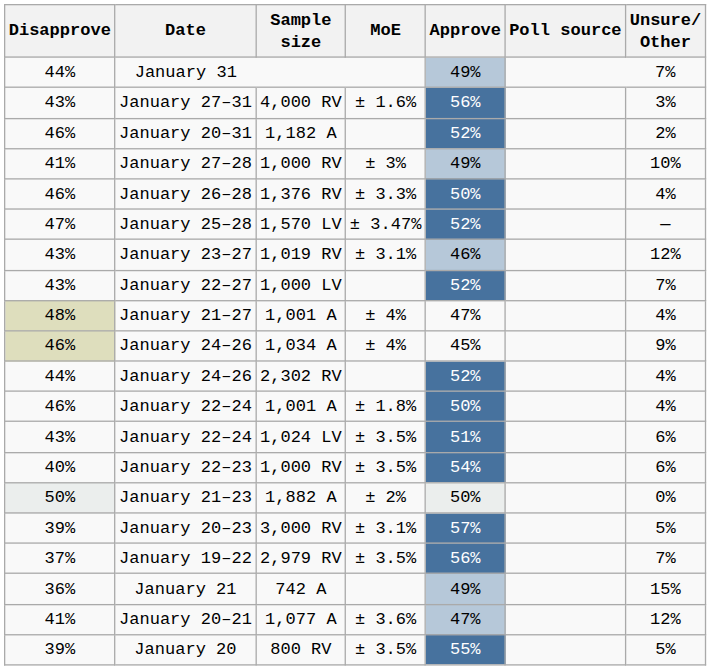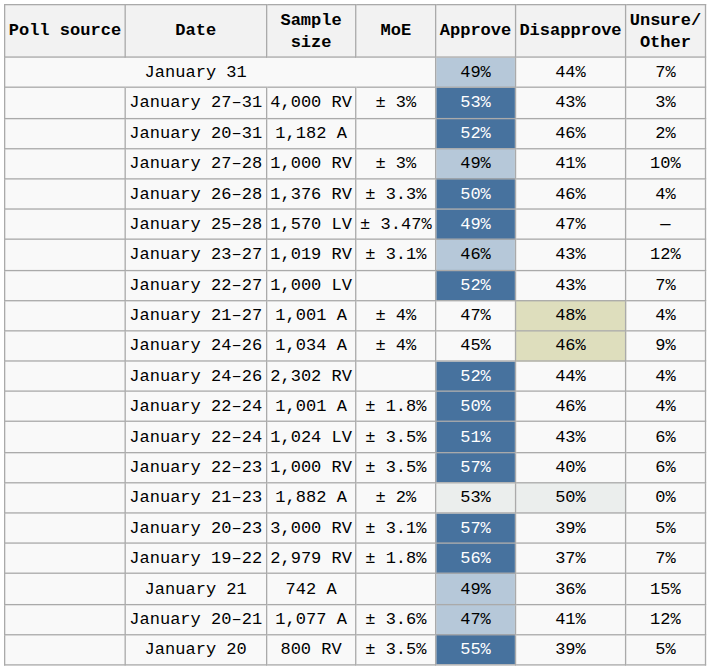 <table class="wikitable sortable collapsible" style="text-align:center;line-height:17px">
 <tr>
-<th>Disapprove</th>
+<th>Poll source</th>
 <th>Date</th>
 <th>Sample<br>size</th>
 <th>MoE</th>
 <th>Approve</th>
-<th>Poll source</th>
+<th>Disapprove</th>
 <th>Unsure/<br>Other</th>
 </tr>
 <tr>
-<td>44%</td>
+<td style="border-right-style:hidden;"></td>
 <td style="border-right-style:hidden;">January 31</td>
 <td style="border-right-style:hidden;"></td>
 <td></td>
 <td style="background:#B6C8D9;">49%</td>
-<td style="border-right-style:hidden;"></td>
+<td>44%</td>
 <td>7%</td>
 </tr>
 <tr>
-<td>43%</td>
+<td></td>
 <td>January 27–31</td>
 <td>4,000 RV</td>
-<td>± 1.6%</td>
-<td style="background:#47729E; color: white">56%</td>
-<td></td>
+<td>± 3%</td>
+<td style="background:#47729E; color: white">53%</td>
+<td>43%</td>
 <td>3%</td>
 </tr>
 <tr>
-<td>46%</td>
+<td></td>
 <td>January 20–31</td>
 <td>1,182 A</td>
 <td></td>
 <td style="background:#47729E; color: white">52%</td>
-<td></td>
+<td>46%</td>
 <td>2%</td>
 </tr>
 <tr>
-<td>41%</td>
+<td></td>
 <td>January 27–28</td>
 <td>1,000 RV</td>
 <td>± 3%</td>
 <td style="background:#B6C8D9;">49%</td>
-<td></td>
+<td>41%</td>
 <td>10%</td>
 </tr>
 <tr>
-<td>46%</td>
+<td></td>
 <td>January 26–28</td>
 <td>1,376 RV</td>
 <td>± 3.3%</td>
 <td style="background:#47729E; color: white">50%</td>
-<td></td>
+<td>46%</td>
 <td>4%</td>
 </tr>
 <tr>
-<td>47%</td>
+<td> </td>
 <td>January 25–28</td>
 <td>1,570 LV</td>
 <td>± 3.47%</td>
-<td style="background:#47729E; color: white">52%</td>
-<td> </td>
+<td style="background:#47729E; color: white">49%</td>
+<td>47%</td>
 <td>—</td>
 </tr>
 <tr>
-<td>43%</td>
+<td></td>
 <td>January 23–27</td>
 <td>1,019 RV</td>
 <td>± 3.1%</td>
 <td style="background:#B6C8D9;">46%</td>
-<td></td>
+<td>43%</td>
 <td>12%</td>
 </tr>
 <tr>
-<td>43%</td>
+<td></td>
 <td>January 22–27</td>
 <td>1,000 LV</td>
 <td></td>
 <td style="background:#47729E; color: white">52%</td>
-<td></td>
+<td>43%</td>
 <td>7%</td>
 </tr>
 <tr>
-<td style="background:#DEDEBD;">48%</td>
+<td></td>
 <td>January 21–27</td>
 <td>1,001 A</td>
 <td>± 4%</td>
 <td>47%</td>
-<td></td>
+<td style="background:#DEDEBD;">48%</td>
 <td>4%</td>
 </tr>
 <tr>
-<td style="background:#DEDEBD;">46%</td>
+<td></td>
 <td>January 24–26</td>
 <td>1,034 A</td>
 <td>± 4%</td>
 <td>45%</td>
-<td></td>
+<td style="background:#DEDEBD;">46%</td>
 <td>9%</td>
 </tr>
 <tr>
-<td>44%</td>
+<td></td>
 <td>January 24–26</td>
 <td>2,302 RV</td>
 <td></td>
 <td style="background:#47729E; color: white">52%</td>
-<td></td>
+<td>44%</td>
 <td>4%</td>
 </tr>
 <tr>
-<td>46%</td>
+<td></td>
 <td>January 22–24</td>
 <td>1,001 A</td>
 <td>± 1.8%</td>
 <td style="background:#47729E; color: white">50%</td>
-<td></td>
+<td>46%</td>
 <td>4%</td>
 </tr>
 <tr>
-<td>43%</td>
+<td></td>
 <td>January 22–24</td>
 <td>1,024 LV</td>
 <td>± 3.5%</td>
 <td style="background:#47729E; color: white">51%</td>
-<td></td>
+<td>43%</td>
 <td>6%</td>
 </tr>
 <tr>
-<td>40%</td>
+<td> </td>
 <td>January 22–23</td>
 <td>1,000 RV</td>
 <td>± 3.5%</td>
-<td style="background:#47729E; color: white">54%</td>
-<td> </td>
+<td style="background:#47729E; color: white">57%</td>
+<td>40%</td>
 <td>6%</td>
 </tr>
 <tr>
-<td style="background:#EBEEED;">50%</td>
+<td></td>
 <td>January 21–23</td>
 <td>1,882 A</td>
 <td>± 2%</td>
+<td style="background:#EBEEED;">53%</td>
 <td style="background:#EBEEED;">50%</td>
-<td></td>
 <td>0%</td>
 </tr>
 <tr>
-<td>39%</td>
+<td></td>
 <td>January 20–23</td>
 <td>3,000 RV</td>
 <td>± 3.1%</td>
 <td style="background:#47729E; color: white">57%</td>
-<td></td>
+<td>39%</td>
 <td>5%</td>
 </tr>
 <tr>
-<td>37%</td>
+<td></td>
 <td>January 19–22</td>
 <td>2,979 RV</td>
-<td>± 3.5%</td>
+<td>± 1.8%</td>
 <td style="background:#47729E; color: white">56%</td>
-<td></td>
+<td>37%</td>
 <td>7%</td>
 </tr>
 <tr>
-<td>36%</td>
+<td></td>
 <td>January 21</td>
 <td>742 A</td>
 <td></td>
 <td style="background:#B6C8D9;">49%</td>
-<td></td>
+<td>36%</td>
 <td>15%</td>
 </tr>
 <tr>
-<td>41%</td>
+<td></td>
 <td>January 20–21</td>
 <td>1,077 A</td>
 <td>± 3.6%</td>
 <td style="background:#B6C8D9;">47%</td>
-<td></td>
+<td>41%</td>
 <td>12%</td>
 </tr>
 <tr>
-<td>39%</td>
+<td></td>
 <td>January 20</td>
 <td>800 RV</td>
 <td>± 3.5%</td>
 <td style="background:#47729E; color: white">55%</td>
-<td></td>
+<td>39%</td>
 <td>5%</td>
 </tr>
 </table>
